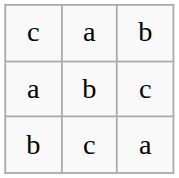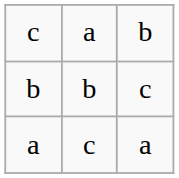 <table class="wikitable" style="margin-left:auto;margin-right:auto;text-align:center;width:6em;height:6em;table-layout:fixed;">
 <tr>
 <td>c</td>
 <td>a</td>
 <td>b</td>
 </tr>
 <tr>
-<td>a</td>
+<td>b</td>
 <td>b</td>
 <td>c</td>
 </tr>
 <tr>
-<td>b</td>
+<td>a</td>
 <td>c</td>
 <td>a</td>
 </tr>
 </table>
